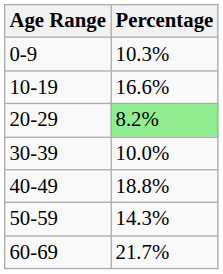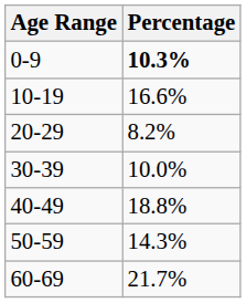 <table class="wikitable">
 <tr>
 <th>Age Range</th>
 <th>Percentage</th>
 </tr>
 <tr>
 <td>0-9</td>
-<td>10.3%</td>
+<td><strong>10.3%</strong></td>
 </tr>
 <tr>
 <td>10-19</td>
 <td>16.6%</td>
 </tr>
 <tr>
 <td>20-29</td>
-<td style="background: lightgreen;">8.2%</td>
+<td>8.2%</td>
 </tr>
 <tr>
 <td>30-39</td>
 <td>10.0%</td>
 </tr>
 <tr>
 <td>40-49</td>
 <td>18.8%</td>
 </tr>
 <tr>
 <td>50-59</td>
 <td>14.3%</td>
 </tr>
 <tr>
 <td>60-69</td>
 <td>21.7%</td>
 </tr>
 </table>
